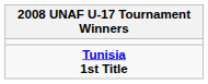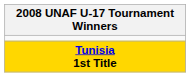 <table class="wikitable" style="text-align: center; margin: 0 auto; width: 20%">
 <tr>
 <th>2008 UNAF U-17 Tournament Winners</th>
 </tr>
 <tr>
 <td></td>
 </tr>
 <tr>
-<td><strong><a href='#'>Tunisia</a></strong><br><strong>1st Title</strong></td>
+<td style="background: gold;"><strong><a href='#'>Tunisia</a></strong><br><strong>1st Title</strong></td>
 </tr>
 </table>
